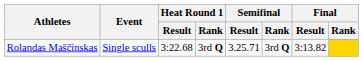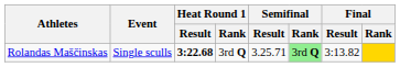 <table class="wikitable" border="1" style="font-size:90%">
 <tr>
 <th rowspan=2>Athletes</th>
 <th rowspan=2>Event</th>
 <th colspan=2>Heat Round 1</th>
 <th colspan=2>Semifinal</th>
 <th colspan=2>Final</th>
 </tr>
 <tr>
 <th>Result</th>
 <th>Rank</th>
 <th>Result</th>
 <th>Rank</th>
 <th>Result</th>
 <th>Rank</th>
 </tr>
 <tr>
 <td><a href='#'>Rolandas Maščinskas</a></td>
 <td><a href='#'>Single sculls</a></td>
-<td>3:22.68</td>
+<td><strong>3:22.68</strong></td>
 <td>3rd <strong>Q</strong></td>
 <td>3.25.71</td>
-<td>3rd <strong>Q</strong></td>
+<td style="background: lightgreen;">3rd <strong>Q</strong></td>
 <td>3:13.82</td>
 <td bgcolor=gold></td>
 </tr>
 </table>
